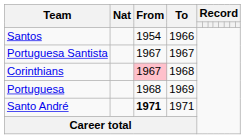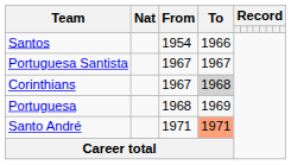 <table class="wikitable" style="text-align: center">
 <tr>
 <th rowspan=2>Team</th>
 <th rowspan=2>Nat</th>
 <th rowspan=2>From</th>
 <th rowspan=2>To</th>
 <th colspan="8">Record</th>
 </tr>
 <tr>
 <th></th>
 <th></th>
 <th></th>
 <th></th>
 <th></th>
 <th></th>
 <th></th>
 <th></th>
 </tr>
 <tr>
 <td align=left><a href='#'>Santos</a></td>
 <td></td>
 <td align=left>1954</td>
 <td align=left>1966<br></td>
 </tr>
 <tr>
 <td align=left><a href='#'>Portuguesa Santista</a></td>
 <td></td>
 <td align=left>1967</td>
 <td align=left>1967<br></td>
 </tr>
 <tr>
 <td align=left><a href='#'>Corinthians</a></td>
 <td></td>
-<td align=left style="background: pink;">1967</td>
-<td align=left>1968<br></td>
+<td align=left>1967</td>
+<td align=left style="background: lightgrey;">1968<br></td>
 </tr>
 <tr>
 <td align=left><a href='#'>Portuguesa</a></td>
 <td></td>
 <td align=left>1968</td>
 <td align=left>1969<br></td>
 </tr>
 <tr>
 <td align=left><a href='#'>Santo André</a></td>
 <td></td>
-<td align=left><strong>1971</strong></td>
-<td align=left>1971<br></td>
+<td align=left>1971</td>
+<td align=left style="background: lightsalmon;">1971<br></td>
 </tr>
 <tr>
 <th colspan=4>Career total<br></th>
 </tr>
 </table>
